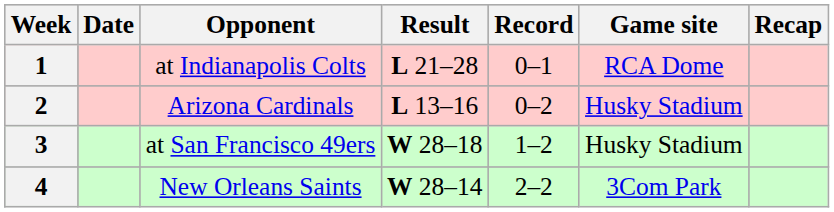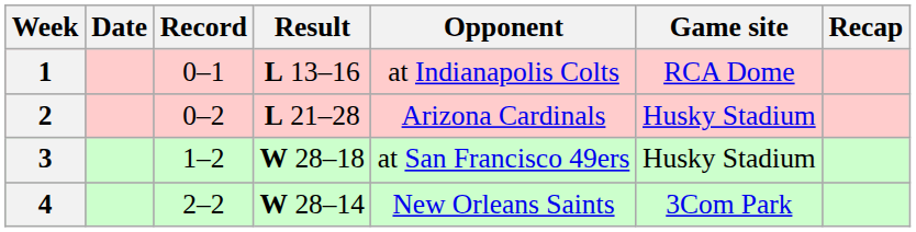 <table class="wikitable" style="text-align:center">
 <tr>
 <th>Week</th>
 <th>Date</th>
+<th>Record</th>
+<th>Result</th>
 <th>Opponent</th>
-<th>Result</th>
-<th>Record</th>
 <th>Game site</th>
 <th>Recap</th>
 </tr>
 <tr style="background:#fcc">
 <th>1</th>
 <td></td>
+<td>0–1</td>
+<td><strong>L</strong> 13–16 </td>
 <td>at <a href='#'>Indianapolis Colts</a></td>
-<td><strong>L</strong> 21–28</td>
-<td>0–1</td>
 <td><a href='#'>RCA Dome</a></td>
 <td></td>
 </tr>
 <tr style="background:#fcc">
 <th>2</th>
 <td></td>
+<td>0–2</td>
+<td><strong>L</strong> 21–28</td>
 <td><a href='#'>Arizona Cardinals</a></td>
-<td><strong>L</strong> 13–16 </td>
-<td>0–2</td>
 <td><a href='#'>Husky Stadium</a></td>
 <td></td>
 </tr>
 <tr style="background:#cfc">
 <th>3</th>
 <td></td>
+<td>1–2</td>
+<td><strong>W</strong> 28–18</td>
 <td>at <a href='#'>San Francisco 49ers</a></td>
-<td><strong>W</strong> 28–18</td>
-<td>1–2</td>
 <td>Husky Stadium</td>
 <td></td>
 </tr>
 <tr style="background:#cfc">
 <th>4</th>
 <td></td>
+<td>2–2</td>
+<td><strong>W</strong> 28–14</td>
 <td><a href='#'>New Orleans Saints</a></td>
-<td><strong>W</strong> 28–14</td>
-<td>2–2</td>
 <td><a href='#'>3Com Park</a></td>
 <td></td>
 </tr>
 </table>
